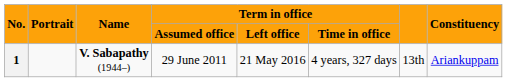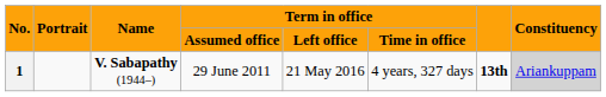 <table class="wikitable sortable" style="text-align:center;">
 <tr>
 <th rowspan=2 style="background-color:#FDA209;color:black">No.</th>
 <th rowspan=2 style="background-color:#FDA209;color:black">Portrait</th>
 <th rowspan=2 style="background-color:#FDA209;color:black">Name<br></th>
 <th colspan=3 style="background-color:#FDA209;color:black">Term in office</th>
 <th rowspan=2 style="background-color:#FDA209;color:black"><a href='#'></a><br></th>
 <th rowspan=2 style="background-color:#FDA209;color:black">Constituency</th>
 </tr>
 <tr>
 <th style="background-color:#FDA209;color:black">Assumed office</th>
 <th style="background-color:#FDA209;color:black">Left office</th>
 <th style="background-color:#FDA209;color:black">Time in office</th>
 </tr>
 <tr>
 <th>1</th>
 <td></td>
 <td><strong>V. Sabapathy</strong><br><small>(1944–)</small></td>
 <td>29 June 2011</td>
 <td>21 May 2016</td>
 <td>4 years, 327 days</td>
-<td>13th<br></td>
-<td><a href='#'>Ariankuppam</a></td>
+<td><strong>13th<br></strong></td>
+<td style="background: lightgrey;"><a href='#'>Ariankuppam</a></td>
 </tr>
 </table>
